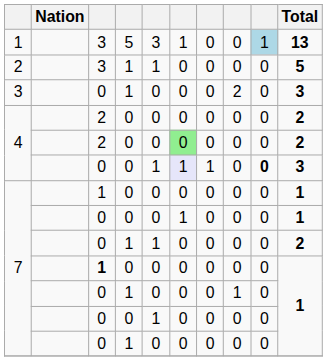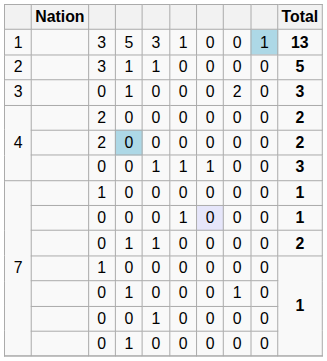 <table class="wikitable" style="text-align:center">
 <tr>
 <th width="20"></th>
 <th>Nation</th>
 <th width="20"></th>
 <th width="20"></th>
 <th width="20"></th>
 <th width="20"></th>
 <th width="20"></th>
 <th width="20"></th>
 <th width="20"></th>
 <th>Total</th>
 </tr>
 <tr>
 <td>1</td>
 <td align=left></td>
 <td>3</td>
 <td>5</td>
 <td>3</td>
 <td>1</td>
 <td>0</td>
 <td>0</td>
 <td style="background: lightblue;">1</td>
 <td><strong>13</strong></td>
 </tr>
 <tr align=center>
 <td>2</td>
 <td align=left></td>
 <td>3</td>
 <td>1</td>
 <td>1</td>
 <td>0</td>
 <td>0</td>
 <td>0</td>
 <td>0</td>
 <td><strong>5</strong></td>
 </tr>
 <tr align=center>
 <td>3</td>
 <td align=left></td>
 <td>0</td>
 <td>1</td>
 <td>0</td>
 <td>0</td>
 <td>0</td>
 <td>2</td>
 <td>0</td>
 <td><strong>3</strong></td>
 </tr>
 <tr align=center>
 <td rowspan="3">4</td>
 <td align=left></td>
 <td>2</td>
 <td>0</td>
 <td>0</td>
 <td>0</td>
 <td>0</td>
 <td>0</td>
 <td>0</td>
 <td><strong>2</strong></td>
 </tr>
 <tr align=center>
 <td align=left></td>
 <td>2</td>
+<td style="background: lightblue;">0</td>
 <td>0</td>
 <td>0</td>
-<td style="background: lightgreen;">0</td>
 <td>0</td>
 <td>0</td>
 <td>0</td>
 <td><strong>2</strong></td>
 </tr>
 <tr align=center>
 <td align=left></td>
 <td>0</td>
 <td>0</td>
 <td>1</td>
-<td style="background: lavender;">1</td>
+<td>1</td>
 <td>1</td>
 <td>0</td>
-<td><strong>0</strong></td>
+<td>0</td>
 <td><strong>3</strong></td>
 </tr>
 <tr align=center>
 <td rowspan="7">7</td>
 <td align=left></td>
 <td>1</td>
 <td>0</td>
 <td>0</td>
 <td>0</td>
 <td>0</td>
 <td>0</td>
 <td>0</td>
 <td><strong>1</strong></td>
 </tr>
 <tr align=center>
 <td align=left></td>
 <td>0</td>
 <td>0</td>
 <td>0</td>
 <td>1</td>
-<td>0</td>
+<td style="background: lavender;">0</td>
 <td>0</td>
 <td 0>0</td>
 <td><strong>1</strong></td>
 </tr>
 <tr align=center>
 <td align=left></td>
 <td>0</td>
 <td>1</td>
 <td>1</td>
 <td>0</td>
 <td>0</td>
 <td>0</td>
 <td 0>0</td>
 <td><strong>2</strong></td>
 </tr>
 <tr align=center>
 <td align=left></td>
-<td><strong>1</strong></td>
+<td>1</td>
 <td>0</td>
 <td>0</td>
 <td>0</td>
 <td>0</td>
 <td>0</td>
 <td 0>0</td>
 <td rowspan="4"><strong>1</strong></td>
 </tr>
 <tr align=center>
 <td align=left></td>
 <td>0</td>
 <td>1</td>
 <td>0</td>
 <td>0</td>
 <td>0</td>
 <td>1</td>
 <td 0>0</td>
 </tr>
 <tr align=center>
 <td align=left></td>
 <td>0</td>
 <td>0</td>
 <td>1</td>
 <td>0</td>
 <td>0</td>
 <td>0</td>
 <td 0>0</td>
 </tr>
 <tr align=center>
 <td align=left></td>
 <td>0</td>
 <td>1</td>
 <td>0</td>
 <td>0</td>
 <td>0</td>
 <td>0</td>
 <td 0>0</td>
 </tr>
 <tr align=center>
 </tr>
 </table>
